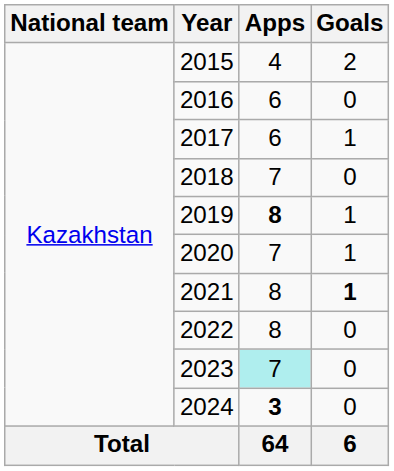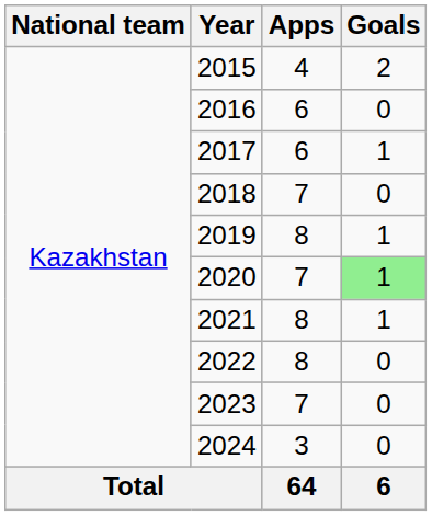 <table class="wikitable" style="text-align: center;">
 <tr>
 <th>National team</th>
 <th>Year</th>
 <th>Apps</th>
 <th>Goals</th>
 </tr>
 <tr>
 <td rowspan="10" valign="center"><a href='#'>Kazakhstan</a></td>
 <td>2015</td>
 <td>4</td>
 <td>2</td>
 </tr>
 <tr>
 <td>2016</td>
 <td>6</td>
 <td>0</td>
 </tr>
 <tr>
 <td>2017</td>
 <td>6</td>
 <td>1</td>
 </tr>
 <tr>
 <td>2018</td>
 <td>7</td>
 <td>0</td>
 </tr>
 <tr>
 <td>2019</td>
-<td><strong>8</strong></td>
+<td>8</td>
 <td>1</td>
 </tr>
 <tr>
 <td>2020</td>
 <td>7</td>
-<td>1</td>
+<td style="background: lightgreen;">1</td>
 </tr>
 <tr>
 <td>2021</td>
 <td>8</td>
-<td><strong>1</strong></td>
+<td>1</td>
 </tr>
 <tr>
 <td>2022</td>
 <td>8</td>
 <td>0</td>
 </tr>
 <tr>
 <td>2023</td>
-<td style="background: paleturquoise;">7</td>
+<td>7</td>
 <td>0</td>
 </tr>
 <tr>
 <td>2024</td>
-<td><strong>3</strong></td>
+<td>3</td>
 <td>0</td>
 </tr>
 <tr>
 <th colspan="2">Total</th>
 <th>64</th>
 <th>6</th>
 </tr>
 </table>
